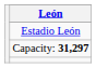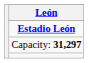 <table class="wikitable" style="text-align:center";margin: 1em auto;">
 <tr>
 <th rowspan="6"></th>
 </tr>
 <tr>
 <th><a href='#'>León</a></th>
 </tr>
 <tr>
 </tr>
 <tr>
-<td><a href='#'>Estadio León</a></td>
+<td><strong><a href='#'>Estadio León</a></strong></td>
 </tr>
 <tr>
 <td>Capacity: <strong>31,297</strong></td>
 </tr>
 <tr>
 <td></td>
 </tr>
 </table>
